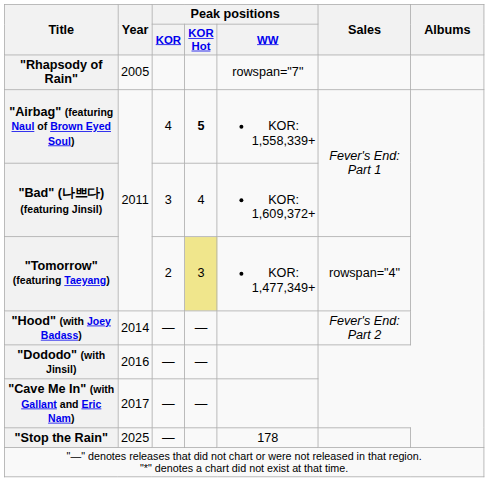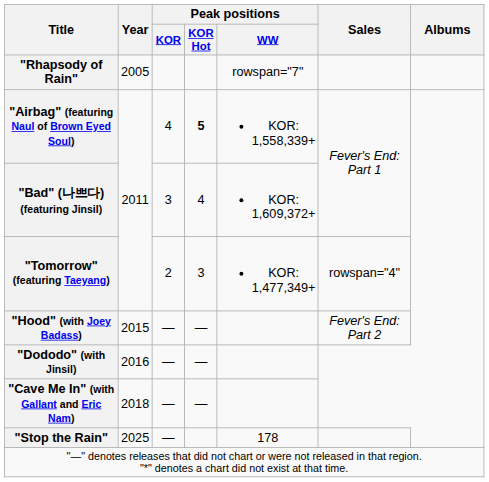 <table class="wikitable plainrowheaders" style="text-align:center;">
 <tr>
 <th scope="col" rowspan="2" style="width:18em;">Title</th>
 <th scope="col" rowspan="2">Year</th>
 <th scope="col" colspan="3">Peak positions</th>
 <th scope="col" rowspan="2" style="width:11em;">Sales</th>
 <th scope="col" rowspan="2" style="width:11em;">Albums</th>
 </tr>
 <tr>
 <th scope="col" style="width:3em;font-size:90%;"><a href='#'>KOR</a><br></th>
 <th scope="col" style="width:3em;font-size:90%;"><a href='#'>KOR<br>Hot</a><br></th>
 <th scope="col" style="width:3em;font-size:90%;"><a href='#'>WW</a><br></th>
 </tr>
 <tr>
 <th scope="row">"Rhapsody of Rain"</th>
 <td>2005</td>
 <td></td>
 <td></td>
 <td>rowspan="7" </td>
 <td></td>
 <td></td>
 </tr>
 <tr>
 <th scope="row">"Airbag" <small>(featuring <a href='#'>Naul</a> of <a href='#'>Brown Eyed Soul</a>)</small></th>
 <td rowspan="3">2011</td>
 <td>4</td>
 <td><strong>5</strong></td>
 <td><br><ul><li>KOR: 1,558,339+</li></ul></td>
 <td rowspan="2"><em>Fever's End: Part 1</em></td>
 </tr>
 <tr>
 <th scope="row">"Bad" (나쁘다) <small>(featuring Jinsil)</small></th>
 <td>3</td>
 <td>4</td>
 <td><br><ul><li>KOR: 1,609,372+</li></ul></td>
 </tr>
 <tr>
 <th scope="row">"Tomorrow" <small>(featuring <a href='#'>Taeyang</a>)</small></th>
 <td>2</td>
-<td style="background: khaki;">3</td>
+<td>3</td>
 <td><br><ul><li>KOR: 1,477,349+</li></ul></td>
 <td>rowspan="4" </td>
 </tr>
 <tr>
 <th scope="row">"Hood" <small>(with <a href='#'>Joey Badass</a>)</small></th>
-<td>2014</td>
+<td>2015</td>
 <td>—</td>
 <td>—</td>
 <td></td>
 <td><em>Fever's End: Part 2</em></td>
 </tr>
 <tr>
 <th scope="row">"Dododo" <small>(with Jinsil)</small></th>
 <td>2016</td>
 <td>—</td>
 <td>—</td>
 <td></td>
 </tr>
 <tr>
 <th scope="row">"Cave Me In" <small>(with <a href='#'>Gallant</a> and <a href='#'>Eric Nam</a>)</small></th>
-<td>2017</td>
+<td>2018</td>
 <td>—</td>
 <td>—</td>
 <td></td>
 </tr>
 <tr>
 <th scope="row">"Stop the Rain" </th>
 <td>2025</td>
 <td>—</td>
 <td></td>
 <td>178</td>
 <td></td>
 </tr>
 <tr>
 <td colspan="14" style="font-size:85%">"—" denotes releases that did not chart or were not released in that region.<br>"*" denotes a chart did not exist at that time.</td>
 </tr>
 </table>
